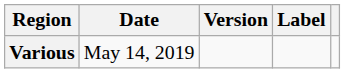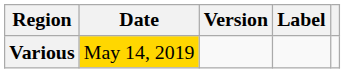 <table class="wikitable plainrowheaders">
 <tr>
 <th scope="col">Region</th>
 <th scope="col">Date</th>
 <th scope="col">Version</th>
 <th scope="col">Label</th>
 <th scope="col"></th>
 </tr>
 <tr>
 <th rowspan="2" scope="row">Various</th>
-<td>May 14, 2019</td>
+<td style="background: gold;">May 14, 2019</td>
 <td rowspan="2"></td>
 <td></td>
 <td></td>
 </tr>
 </table>
